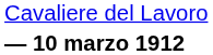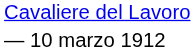 <table>
 <tr>
 <td rowspan=2 style="width:60px; vertical-align:top;"></td>
 <td><a href='#'>Cavaliere del Lavoro</a></td>
 </tr>
 <tr>
-<td><strong>— 10 marzo 1912</strong></td>
+<td>— 10 marzo 1912</td>
 </tr>
 </table>
